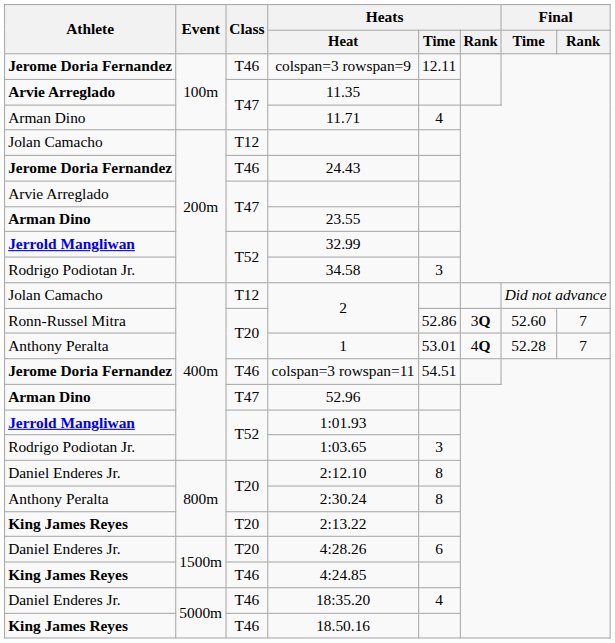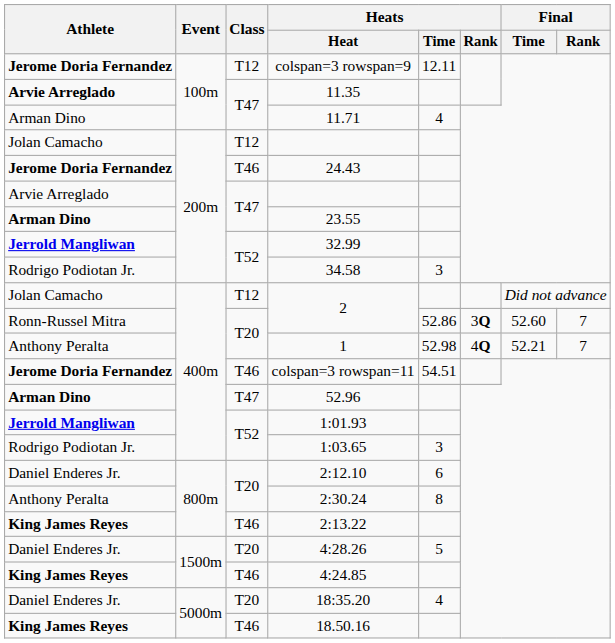 <table class="wikitable" style="font-size:90%; text-align:center">
 <tr>
 <th rowspan=2>Athlete</th>
 <th rowspan=2>Event</th>
 <th rowspan=2>Class</th>
 <th colspan=3>Heats</th>
 <th colspan=2>Final</th>
 </tr>
 <tr style="font-size:95%">
 <th>Heat</th>
 <th>Time</th>
 <th>Rank</th>
 <th>Time</th>
 <th>Rank</th>
 </tr>
 <tr align=center>
 <td align=left><strong>Jerome Doria Fernandez</strong></td>
 <td rowspan=3 align=center>100m</td>
-<td align=center>T46</td>
+<td align=center>T12</td>
 <td>colspan=3 rowspan=9 </td>
 <td>12.11</td>
 <td rowspan=2></td>
 </tr>
 <tr align=center>
 <td align=left><strong>Arvie Arreglado</strong></td>
 <td rowspan=2 align=center>T47</td>
 <td>11.35</td>
 </tr>
 <tr align=center>
 <td align=left>Arman Dino</td>
 <td>11.71</td>
 <td>4</td>
 </tr>
 <tr align=center>
 <td align=left>Jolan Camacho</td>
 <td rowspan=6 align=center>200m</td>
 <td align=center>T12</td>
 <td><strong></strong></td>
 <td></td>
 </tr>
 <tr align=center>
 <td align=left><strong>Jerome Doria Fernandez</strong></td>
 <td align=center>T46</td>
 <td>24.43</td>
 <td></td>
 </tr>
 <tr align=center>
 <td align=left>Arvie Arreglado</td>
 <td rowspan=2 align=center>T47</td>
 <td><strong></strong></td>
 <td></td>
 </tr>
 <tr align=center>
 <td align=left><strong>Arman Dino</strong></td>
 <td>23.55</td>
 <td></td>
 </tr>
 <tr align=center>
 <td align=left><strong><a href='#'>Jerrold Mangliwan</a></strong></td>
 <td rowspan=2 align=center>T52</td>
 <td>32.99</td>
 <td></td>
 </tr>
 <tr align=center>
 <td align=left>Rodrigo Podiotan Jr.</td>
 <td>34.58</td>
 <td>3</td>
 </tr>
 <tr align=center>
 <td align=left>Jolan Camacho</td>
 <td rowspan=7 align=center>400m</td>
 <td align=center>T12</td>
 <td rowspan=2>2</td>
 <td><strong></strong></td>
 <td></td>
 <td colspan=2><em>Did not advance</em></td>
 </tr>
 <tr align=center>
 <td align=left>Ronn-Russel Mitra</td>
 <td rowspan=2 align=center>T20</td>
 <td>52.86</td>
 <td>3<strong>Q</strong></td>
 <td>52.60</td>
 <td>7</td>
 </tr>
 <tr align=center>
 <td align=left>Anthony Peralta</td>
 <td>1</td>
-<td>53.01</td>
+<td>52.98</td>
 <td>4<strong>Q</strong></td>
-<td>52.28</td>
+<td>52.21</td>
 <td>7</td>
 </tr>
 <tr align=center>
 <td align=left><strong>Jerome Doria Fernandez</strong></td>
 <td align=center>T46</td>
 <td>colspan=3 rowspan=11 </td>
 <td>54.51</td>
 <td></td>
 </tr>
 <tr align=center>
 <td align=left><strong>Arman Dino</strong></td>
 <td align=center>T47</td>
 <td>52.96</td>
 <td></td>
 </tr>
 <tr align=center>
 <td align=left><strong><a href='#'>Jerrold Mangliwan</a></strong></td>
 <td rowspan=2 align=center>T52</td>
 <td>1:01.93</td>
 <td></td>
 </tr>
 <tr align=center>
 <td align=left>Rodrigo Podiotan Jr.</td>
 <td>1:03.65</td>
 <td>3</td>
 </tr>
 <tr align=center>
 <td align=left>Daniel Enderes Jr.</td>
 <td rowspan=3 align=center>800m</td>
 <td rowspan=2 align=center>T20</td>
 <td>2:12.10</td>
-<td>8</td>
+<td>6</td>
 </tr>
 <tr align=center>
 <td align=left>Anthony Peralta</td>
 <td>2:30.24</td>
 <td>8</td>
 </tr>
 <tr align=center>
 <td align=left><strong>King James Reyes</strong></td>
-<td align=center>T20</td>
+<td align=center>T46</td>
 <td>2:13.22</td>
 <td></td>
 </tr>
 <tr align=center>
 <td align=left>Daniel Enderes Jr.</td>
 <td rowspan=2 align=center>1500m</td>
 <td align=center>T20</td>
 <td>4:28.26</td>
-<td>6</td>
+<td>5</td>
 </tr>
 <tr align=center>
 <td align=left><strong>King James Reyes</strong></td>
 <td align=center>T46</td>
 <td>4:24.85</td>
 <td></td>
 </tr>
 <tr align=center>
 <td align=left>Daniel Enderes Jr.</td>
 <td rowspan=2 align=center>5000m</td>
-<td align=center>T46</td>
+<td align=center>T20</td>
 <td>18:35.20</td>
 <td>4</td>
 </tr>
 <tr align=center>
 <td align=left><strong>King James Reyes</strong></td>
 <td align=center>T46</td>
 <td>18.50.16</td>
 <td></td>
 </tr>
 </table>
